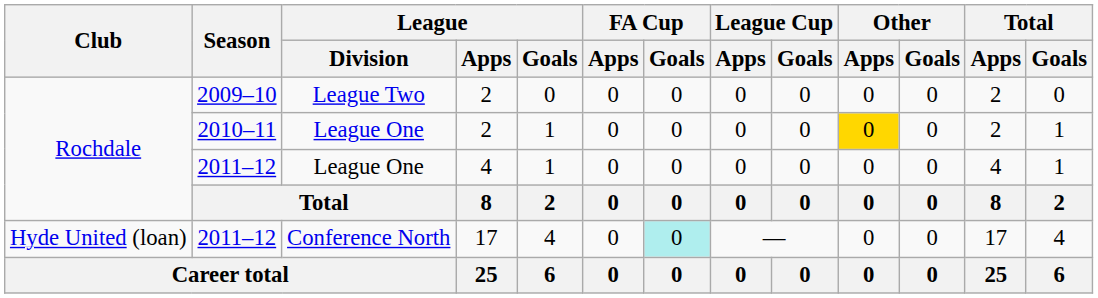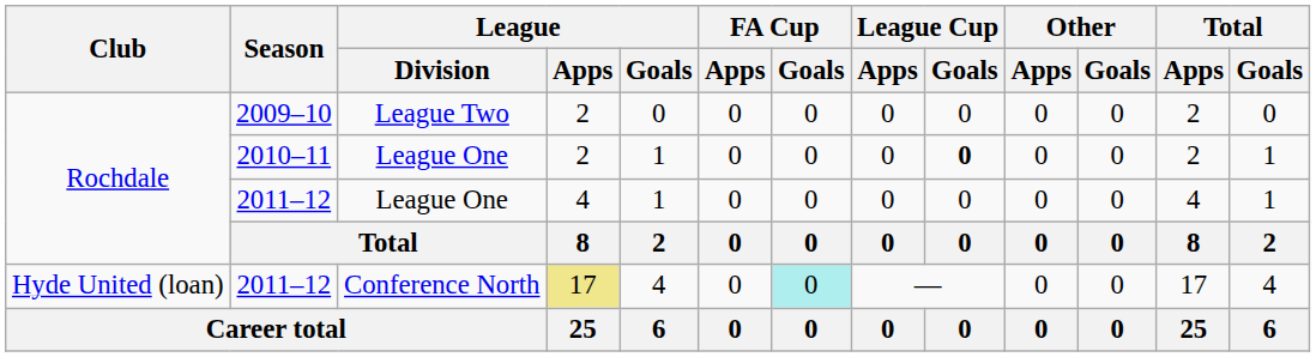 <table class="wikitable" style="text-align:center">
 <tr>
 <th rowspan="2">Club</th>
 <th rowspan="2">Season</th>
 <th colspan="3">League</th>
 <th colspan="2">FA Cup</th>
 <th colspan="2">League Cup</th>
 <th colspan="2">Other</th>
 <th colspan="2">Total</th>
 </tr>
 <tr>
 <th>Division</th>
 <th>Apps</th>
 <th>Goals</th>
 <th>Apps</th>
 <th>Goals</th>
 <th>Apps</th>
 <th>Goals</th>
 <th>Apps</th>
 <th>Goals</th>
 <th>Apps</th>
 <th>Goals</th>
 </tr>
 <tr>
 <td rowspan="4"><a href='#'>Rochdale</a></td>
 <td><a href='#'>2009–10</a></td>
 <td><a href='#'>League Two</a></td>
 <td>2</td>
 <td>0</td>
 <td>0</td>
 <td>0</td>
 <td>0</td>
 <td>0</td>
 <td>0</td>
 <td>0</td>
 <td>2</td>
 <td>0</td>
 </tr>
 <tr>
 <td><a href='#'>2010–11</a></td>
 <td><a href='#'>League One</a></td>
 <td>2</td>
 <td>1</td>
 <td>0</td>
 <td>0</td>
 <td>0</td>
+<td><strong>0</strong></td>
 <td>0</td>
-<td style="background: gold;">0</td>
 <td>0</td>
 <td>2</td>
 <td>1</td>
 </tr>
 <tr>
 <td><a href='#'>2011–12</a></td>
 <td>League One</td>
 <td>4</td>
 <td>1</td>
 <td>0</td>
 <td>0</td>
 <td>0</td>
 <td>0</td>
 <td>0</td>
 <td>0</td>
 <td>4</td>
 <td>1</td>
 </tr>
 <tr>
 <th colspan="2">Total</th>
 <th>8</th>
 <th>2</th>
 <th>0</th>
 <th>0</th>
 <th>0</th>
 <th>0</th>
 <th>0</th>
 <th>0</th>
 <th>8</th>
 <th>2</th>
 </tr>
 <tr>
 <td><a href='#'>Hyde United</a> (loan)</td>
 <td><a href='#'>2011–12</a></td>
 <td><a href='#'>Conference North</a></td>
-<td>17</td>
+<td style="background: khaki;">17</td>
 <td>4</td>
 <td>0</td>
 <td style="background: paleturquoise;">0</td>
 <td colspan="2">—</td>
 <td>0</td>
 <td>0</td>
 <td>17</td>
 <td>4</td>
 </tr>
 <tr>
 <th colspan="3">Career total</th>
 <th>25</th>
 <th>6</th>
 <th>0</th>
 <th>0</th>
 <th>0</th>
 <th>0</th>
 <th>0</th>
 <th>0</th>
 <th>25</th>
 <th>6</th>
 </tr>
 </table>
